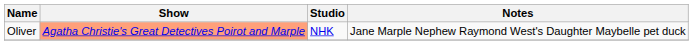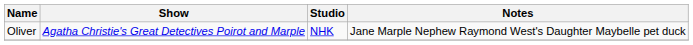 <table class="wikitable sortable">
 <tr>
 <th>Name</th>
 <th>Show</th>
 <th>Studio</th>
 <th>Notes</th>
 </tr>
 <tr>
 <td>Oliver</td>
-<td style="background: lightsalmon;"><em><a href='#'>Agatha Christie's Great Detectives Poirot and Marple</a></em></td>
+<td><em><a href='#'>Agatha Christie's Great Detectives Poirot and Marple</a></em></td>
 <td><a href='#'>NHK</a></td>
 <td>Jane Marple Nephew Raymond West's Daughter Maybelle pet duck</td>
 </tr>
 <tr>
 </tr>
 </table>
